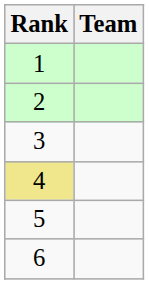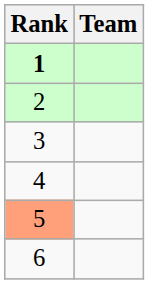 <table class=wikitable style="text-align: center;">
 <tr>
 <th>Rank</th>
 <th>Team</th>
 </tr>
 <tr style="background: #CCFFCC;">
-<td>1</td>
+<td><strong>1</strong></td>
 <td style="text-align: left;"><strong></strong></td>
 </tr>
 <tr style="background: #CCFFCC;">
 <td>2</td>
 <td style="text-align: left;"><strong></strong></td>
 </tr>
 <tr>
 <td>3</td>
 <td style="text-align: left;"></td>
 </tr>
 <tr>
-<td style="background: khaki;">4</td>
+<td>4</td>
 <td style="text-align: left;"></td>
 </tr>
 <tr>
-<td>5</td>
+<td style="background: lightsalmon;">5</td>
 <td style="text-align: left;"></td>
 </tr>
 <tr>
 <td>6</td>
 <td style="text-align: left;"></td>
 </tr>
 </table>
